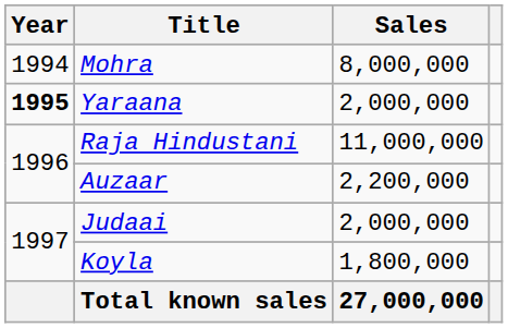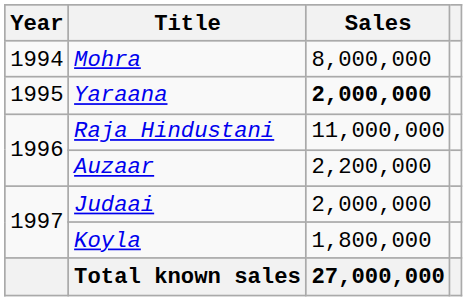 <table class="wikitable sortable">
 <tr>
 <th>Year</th>
 <th>Title</th>
 <th>Sales</th>
 <th></th>
 </tr>
 <tr>
 <td>1994</td>
 <td><em><a href='#'>Mohra</a></em></td>
 <td>8,000,000</td>
 <td></td>
 </tr>
 <tr>
-<td><strong>1995</strong></td>
+<td>1995</td>
 <td><em><a href='#'>Yaraana</a></em></td>
-<td>2,000,000</td>
+<td><strong>2,000,000</strong></td>
 <td></td>
 </tr>
 <tr>
 <td rowspan="2">1996</td>
 <td><em><a href='#'>Raja Hindustani</a></em></td>
 <td>11,000,000</td>
 <td></td>
 </tr>
 <tr>
 <td><em><a href='#'>Auzaar</a></em></td>
 <td>2,200,000</td>
 <td></td>
 </tr>
 <tr>
 <td rowspan="2">1997</td>
 <td><em><a href='#'>Judaai</a></em></td>
 <td>2,000,000</td>
 <td></td>
 </tr>
 <tr>
 <td><em><a href='#'>Koyla</a></em></td>
 <td>1,800,000</td>
 <td></td>
 </tr>
 <tr>
 <th></th>
 <th>Total known sales</th>
 <th>27,000,000</th>
 <th></th>
 </tr>
 </table>
